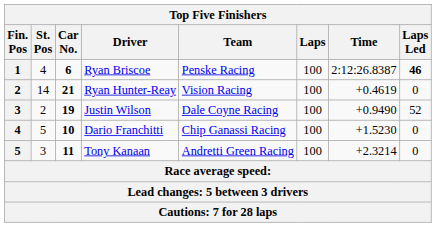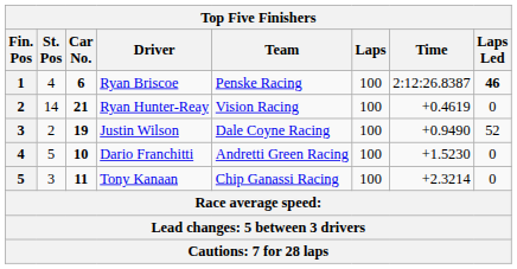 <table class="wikitable" style="font-size:95%;text-align:center">
 <tr>
 <th colspan=9>Top Five Finishers</th>
 </tr>
 <tr>
 <th>Fin.<br>Pos</th>
 <th>St.<br>Pos</th>
 <th>Car<br>No.</th>
 <th>Driver</th>
 <th>Team</th>
 <th>Laps</th>
 <th>Time</th>
 <th>Laps<br>Led</th>
 </tr>
 <tr>
 <th>1</th>
 <td>4</td>
 <td><strong>6</strong></td>
 <td style="text-align:left"> <a href='#'>Ryan Briscoe</a></td>
 <td style="text-align:left"><a href='#'>Penske Racing</a></td>
 <td>100</td>
 <td align=right>2:12:26.8387</td>
 <td><strong>46</strong></td>
 </tr>
 <tr>
 <th>2</th>
 <td>14</td>
 <td><strong>21</strong></td>
 <td style="text-align:left"> <a href='#'>Ryan Hunter-Reay</a></td>
 <td style="text-align:left"><a href='#'>Vision Racing</a></td>
 <td>100</td>
 <td align=right>+0.4619</td>
 <td>0</td>
 </tr>
 <tr>
 <th>3</th>
 <td>2</td>
 <td><strong>19</strong></td>
 <td style="text-align:left"> <a href='#'>Justin Wilson</a></td>
 <td style="text-align:left"><a href='#'>Dale Coyne Racing</a></td>
 <td>100</td>
 <td align=right>+0.9490</td>
 <td>52</td>
 </tr>
 <tr>
 <th>4</th>
 <td>5</td>
 <td><strong>10</strong></td>
 <td style="text-align:left"> <a href='#'>Dario Franchitti</a></td>
-<td style="text-align:left"><a href='#'>Chip Ganassi Racing</a></td>
+<td style="text-align:left"><a href='#'>Andretti Green Racing</a></td>
 <td>100</td>
 <td align=right>+1.5230</td>
 <td>0</td>
 </tr>
 <tr>
 <th>5</th>
 <td>3</td>
 <td><strong>11</strong></td>
 <td style="text-align:left"> <a href='#'>Tony Kanaan</a></td>
-<td style="text-align:left"><a href='#'>Andretti Green Racing</a></td>
+<td style="text-align:left"><a href='#'>Chip Ganassi Racing</a></td>
 <td>100</td>
 <td align=right>+2.3214</td>
 <td>0</td>
 </tr>
 <tr>
 <th colspan=9>Race average speed: </th>
 </tr>
 <tr>
 <th colspan=9>Lead changes: 5 between 3 drivers</th>
 </tr>
 <tr>
 <th colspan=9>Cautions: 7 for 28 laps</th>
 </tr>
 </table>
